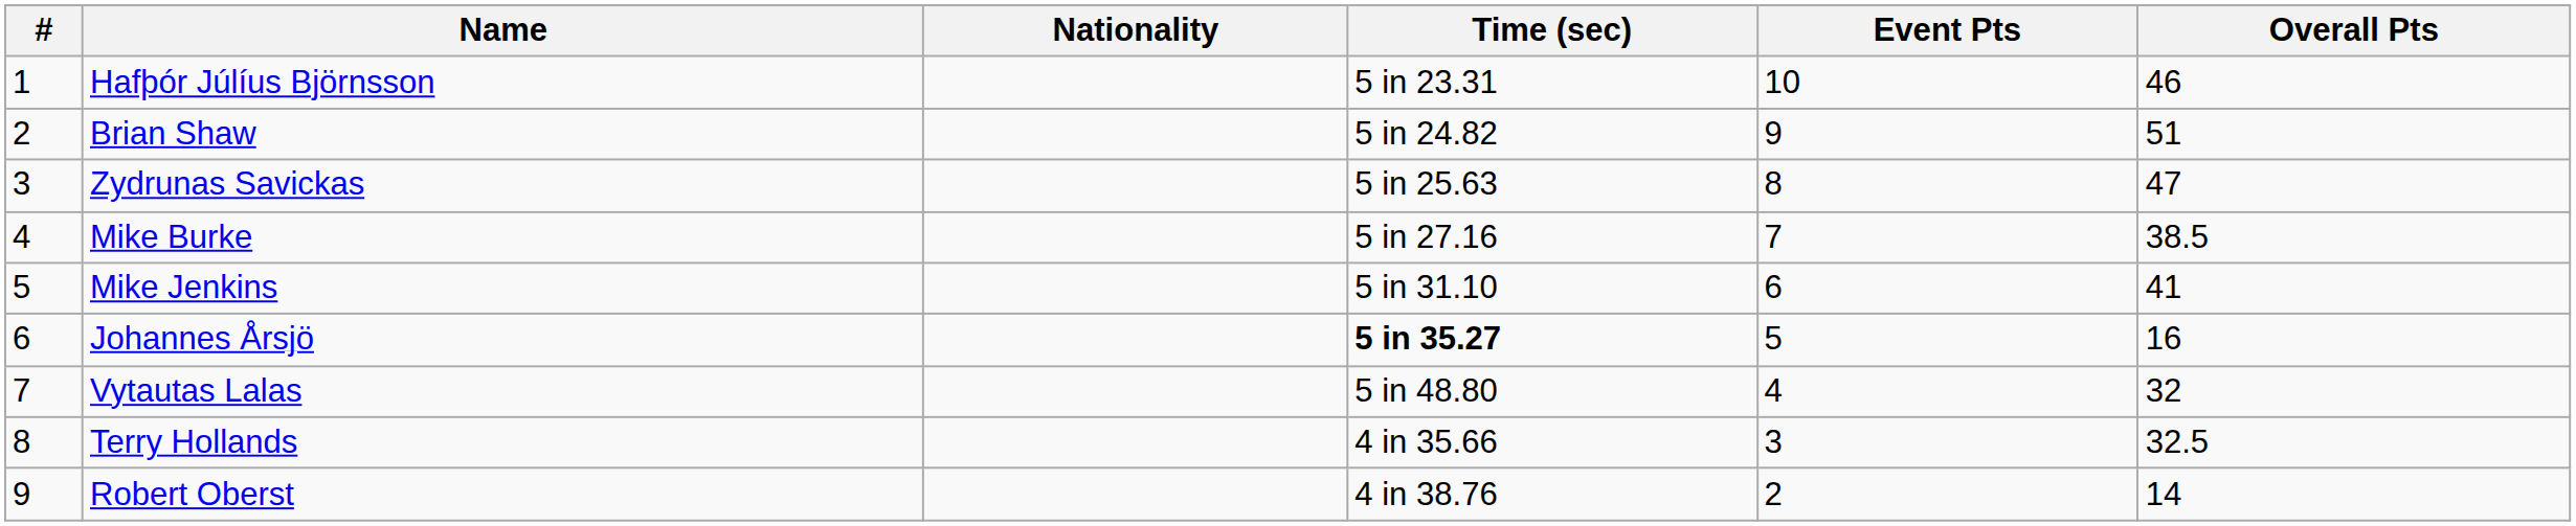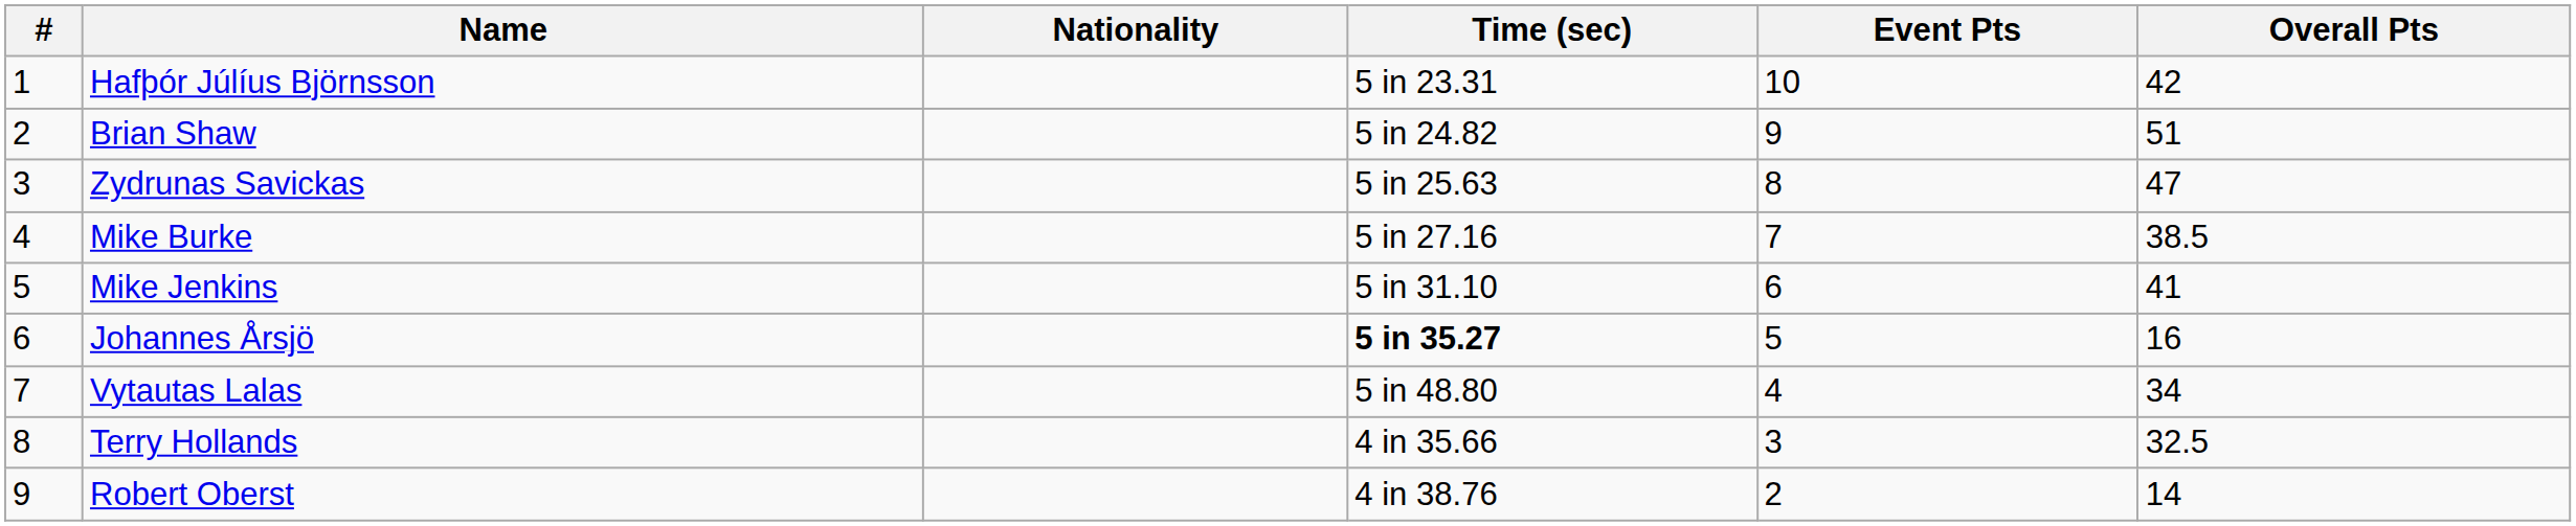 <table class="wikitable sortable" style="display: inline-table; width: 100%;">
 <tr>
 <th>#</th>
 <th>Name</th>
 <th>Nationality</th>
 <th>Time (sec)</th>
 <th>Event Pts</th>
 <th>Overall Pts</th>
 </tr>
 <tr>
 <td>1</td>
 <td><a href='#'>Hafþór Júlíus Björnsson</a></td>
 <td></td>
 <td>5 in 23.31</td>
 <td>10</td>
-<td>46</td>
+<td>42</td>
 </tr>
 <tr>
 <td>2</td>
 <td><a href='#'>Brian Shaw</a></td>
 <td></td>
 <td>5 in 24.82</td>
 <td>9</td>
 <td>51</td>
 </tr>
 <tr>
 <td>3</td>
 <td><a href='#'>Zydrunas Savickas</a></td>
 <td></td>
 <td>5 in 25.63</td>
 <td>8</td>
 <td>47</td>
 </tr>
 <tr>
 <td>4</td>
 <td><a href='#'>Mike Burke</a></td>
 <td></td>
 <td>5 in 27.16</td>
 <td>7</td>
 <td>38.5</td>
 </tr>
 <tr>
 <td>5</td>
 <td><a href='#'>Mike Jenkins</a></td>
 <td></td>
 <td>5 in 31.10</td>
 <td>6</td>
 <td>41</td>
 </tr>
 <tr>
 <td>6</td>
 <td><a href='#'>Johannes Årsjö</a></td>
 <td></td>
 <td><strong>5 in 35.27</strong></td>
 <td>5</td>
 <td>16</td>
 </tr>
 <tr>
 <td>7</td>
 <td><a href='#'>Vytautas Lalas</a></td>
 <td></td>
 <td>5 in 48.80</td>
 <td>4</td>
-<td>32</td>
+<td>34</td>
 </tr>
 <tr>
 <td>8</td>
 <td><a href='#'>Terry Hollands</a></td>
 <td></td>
 <td>4 in 35.66</td>
 <td>3</td>
 <td>32.5</td>
 </tr>
 <tr>
 <td>9</td>
 <td><a href='#'>Robert Oberst</a></td>
 <td></td>
 <td>4 in 38.76</td>
 <td>2</td>
 <td>14</td>
 </tr>
 </table>
